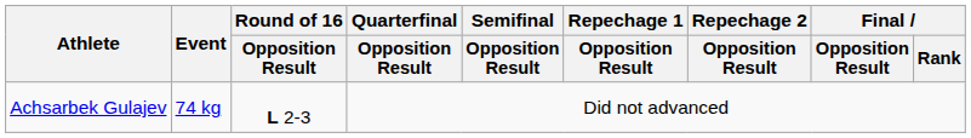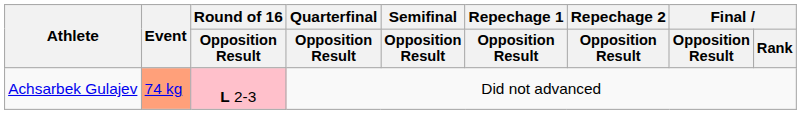 <table class="wikitable" style="font-size:90%">
 <tr>
 <th rowspan="2">Athlete</th>
 <th rowspan="2">Event</th>
 <th>Round of 16</th>
 <th>Quarterfinal</th>
 <th>Semifinal</th>
 <th>Repechage 1</th>
 <th>Repechage 2</th>
 <th colspan=2>Final / </th>
 </tr>
 <tr style="font-size: 95%">
 <th>Opposition<br>Result</th>
 <th>Opposition<br>Result</th>
 <th>Opposition<br>Result</th>
 <th>Opposition<br>Result</th>
 <th>Opposition<br>Result</th>
 <th>Opposition<br>Result</th>
 <th>Rank</th>
 </tr>
 <tr align=center>
 <td align=left><a href='#'>Achsarbek Gulajev</a></td>
-<td align=left><a href='#'>74 kg</a></td>
-<td> <br><strong>L</strong> 2-3</td>
+<td align=left style="background: lightsalmon;"><a href='#'>74 kg</a></td>
+<td style="background: pink;"> <br><strong>L</strong> 2-3</td>
 <td colspan=6>Did not advanced</td>
 </tr>
 </table>
